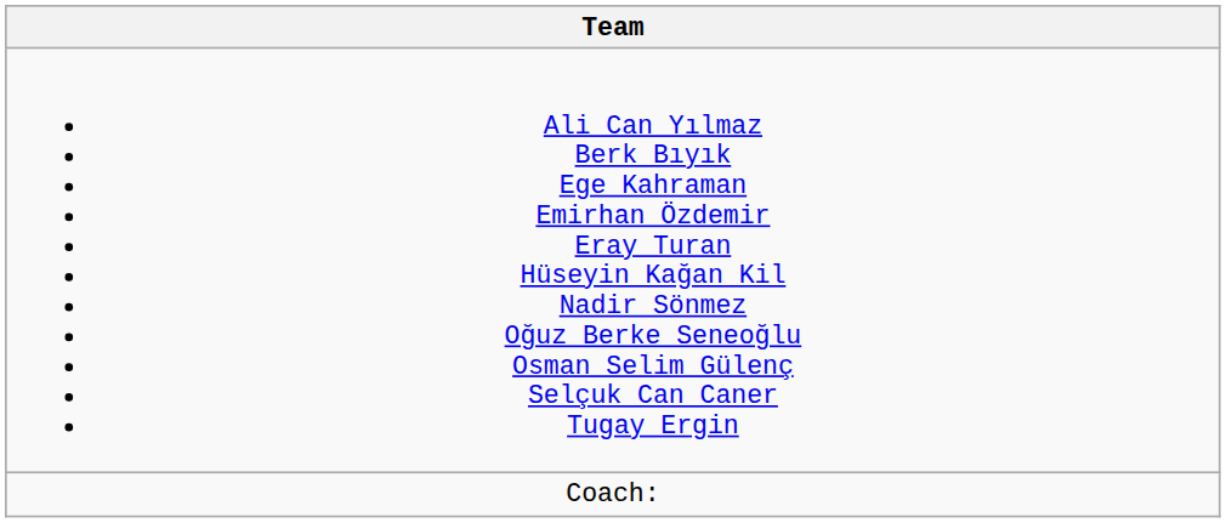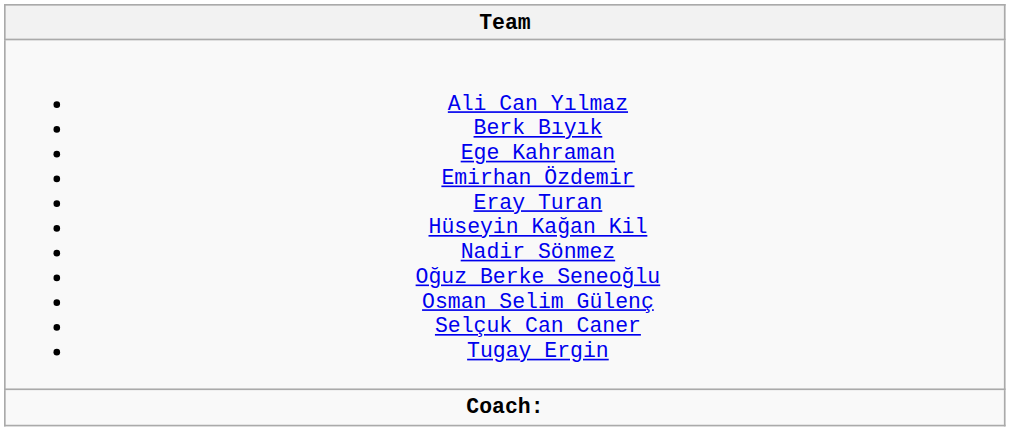 <table class="wikitable" style="text-align: center;">
 <tr>
 <th width=600>Team</th>
 </tr>
 <tr>
 <td><br><ul><li><a href='#'>Ali Can Yılmaz</a></li><li><a href='#'>Berk Bıyık</a></li><li><a href='#'>Ege Kahraman</a></li><li><a href='#'>Emirhan Özdemir</a></li><li><a href='#'>Eray Turan</a></li><li><a href='#'>Hüseyin Kağan Kil</a></li><li><a href='#'>Nadir Sönmez</a></li><li><a href='#'>Oğuz Berke Seneoğlu</a></li><li><a href='#'>Osman Selim Gülenç</a></li><li><a href='#'>Selçuk Can Caner</a></li><li><a href='#'>Tugay Ergin</a></li></ul></td>
 </tr>
 <tr>
-<td>Coach:</td>
+<td><strong>Coach:</strong></td>
 </tr>
 </table>
